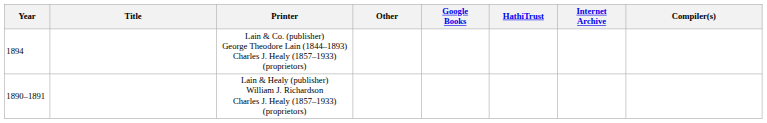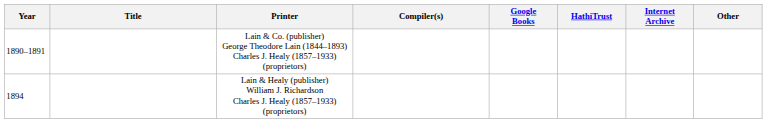 <table class="wikitable collapsible sortable" border="0" cellpadding="1" style="color:black; background-color: #FFFFFF; font-size: 90%; width:100%">
 <tr>
 <th>Year</th>
 <th>Title</th>
 <th>Printer</th>
-<th>Other</th>
+<th>Compiler(s)</th>
 <th><a href='#'>Google<br>Books</a></th>
 <th><a href='#'>HathiTrust</a></th>
 <th><a href='#'>Internet<br>Archive</a></th>
-<th>Compiler(s)</th>
+<th>Other</th>
+</tr>
+<tr>
+<td width="6%">1890–1891</td>
+<td width="22%" width="18%" data-sort-value="lains 1894"></td>
+<td style="text-align:center" width="18%" data-sort-value="lainhealy 1894">Lain & Co. (publisher)<br>George Theodore Lain (1844–1893)<br>Charles J. Healy (1857–1933)<br>(proprietors)</td>
+<td style="text-align:center" width="18%"></td>
+<td style="text-align:center" width="9%" data-sort-value="googlebooks 1894"></td>
+<td style="text-align:center" width="9%"></td>
+<td style="text-align:center" width="9%"></td>
+<td style="text-align:center" width="9%"></td>
 </tr>
 <tr>
 <td width="6%">1894</td>
 <td width="22%" width="18%" data-sort-value="lains 1894"></td>
-<td style="text-align:center" width="18%" data-sort-value="lainhealy 1894">Lain & Co. (publisher)<br>George Theodore Lain (1844–1893)<br>Charles J. Healy (1857–1933)<br>(proprietors)</td>
-<td style="text-align:center" width="9%"></td>
-<td style="text-align:center" width="9%" data-sort-value="googlebooks 1894"></td>
-<td style="text-align:center" width="9%"></td>
-<td style="text-align:center" width="9%"></td>
+<td style="text-align:center" width="18%" data-sort-value="lainhealy 1894">Lain & Healy (publisher)<br>William J. Richardson<br>Charles J. Healy (1857–1933)<br>(proprietors)</td>
 <td style="text-align:center" width="18%"></td>
-</tr>
-<tr>
-<td width="6%">1890–1891</td>
-<td width="22%" width="18%" data-sort-value="lains 1894"></td>
-<td style="text-align:center" width="18%" data-sort-value="lainhealy 1894">Lain & Healy (publisher)<br>William J. Richardson<br>Charles J. Healy (1857–1933)<br>(proprietors)</td>
-<td style="text-align:center" width="9%"></td>
 <td style="text-align:center" width="9%"></td>
 <td style="text-align:center" width="9%"></td>
 <td style="text-align:center" width="9%" data-sort-value="internetarchive 1894"></td>
-<td style="text-align:center" width="18%"></td>
+<td style="text-align:center" width="9%"></td>
 </tr>
 </table>
